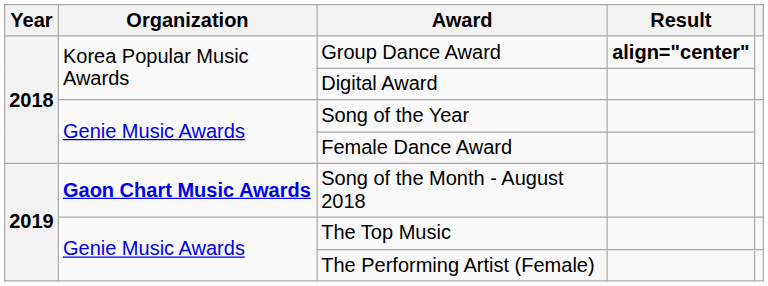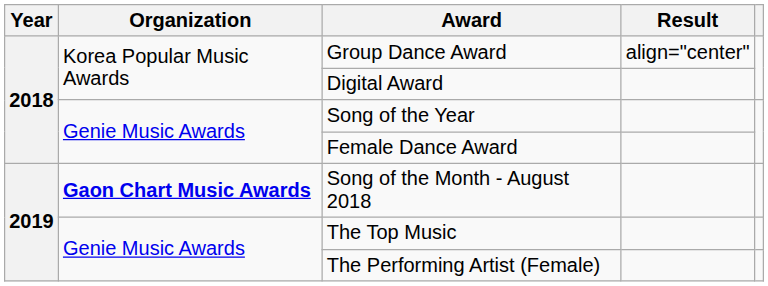 <table class="wikitable sortable plainrowheaders">
 <tr>
 <th scope="col">Year</th>
 <th scope="col">Organization</th>
 <th scope="col">Award</th>
 <th scope="col">Result</th>
 <th class="unsortable"></th>
 </tr>
 <tr>
 <th rowspan="4" scope="row">2018</th>
 <td rowspan=2>Korea Popular Music Awards</td>
 <td>Group Dance Award</td>
-<td><strong>align="center" </strong></td>
+<td>align="center" </td>
 <td rowspan=2></td>
 </tr>
 <tr>
 <td>Digital Award</td>
 <td></td>
 </tr>
 <tr>
 <td rowspan=2><a href='#'>Genie Music Awards</a></td>
 <td>Song of the Year</td>
 <td></td>
 <td rowspan=2></td>
 </tr>
 <tr>
 <td>Female Dance Award</td>
 <td></td>
 </tr>
 <tr>
 <th rowspan="3" scope="row">2019</th>
 <td><strong><a href='#'>Gaon Chart Music Awards</a></strong></td>
 <td>Song of the Month - August 2018</td>
 <td></td>
 <td align="center"></td>
 </tr>
 <tr>
 <td rowspan=2><a href='#'>Genie Music Awards</a></td>
 <td>The Top Music</td>
 <td></td>
 <td></td>
 </tr>
 <tr>
 <td>The Performing Artist (Female)</td>
 <td></td>
 <td></td>
 </tr>
 </table>
